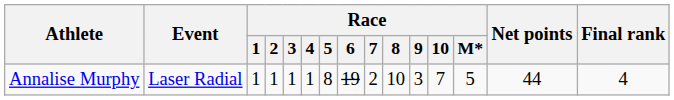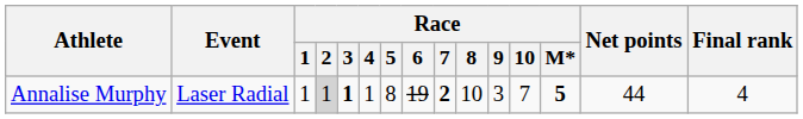 <table class="wikitable" style="font-size:90%;">
 <tr>
 <th rowspan=2>Athlete</th>
 <th rowspan=2>Event</th>
 <th colspan=11>Race</th>
 <th rowspan=2>Net points</th>
 <th rowspan=2>Final rank</th>
 </tr>
 <tr style="font-size:95%">
 <th>1</th>
 <th>2</th>
 <th>3</th>
 <th>4</th>
 <th>5</th>
 <th>6</th>
 <th>7</th>
 <th>8</th>
 <th>9</th>
 <th>10</th>
 <th>M*</th>
 </tr>
 <tr align=center>
 <td align=left><a href='#'>Annalise Murphy</a></td>
 <td align=left><a href='#'>Laser Radial</a></td>
 <td>1</td>
-<td>1</td>
-<td>1</td>
+<td style="background: lightgrey;">1</td>
+<td><strong>1</strong></td>
 <td>1</td>
 <td>8</td>
 <td><s>19</s></td>
-<td>2</td>
+<td><strong>2</strong></td>
 <td>10</td>
 <td>3</td>
 <td>7</td>
-<td>5</td>
+<td><strong>5</strong></td>
 <td>44</td>
 <td>4</td>
 </tr>
 </table>
